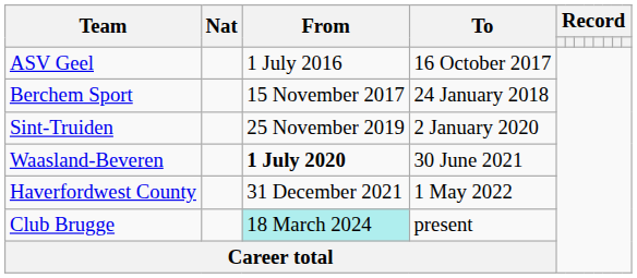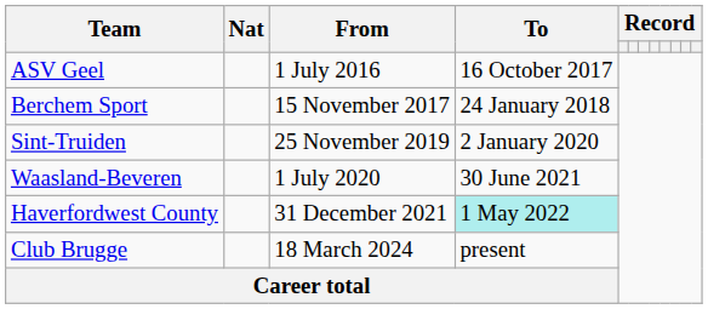 <table class="wikitable" style="text-align: center">
 <tr>
 <th rowspan=2>Team</th>
 <th rowspan=2>Nat</th>
 <th rowspan=2>From</th>
 <th rowspan=2>To</th>
 <th colspan="8">Record</th>
 </tr>
 <tr>
 <th></th>
 <th></th>
 <th></th>
 <th></th>
 <th></th>
 <th></th>
 <th></th>
 <th></th>
 </tr>
 <tr>
 <td align=left><a href='#'>ASV Geel</a></td>
 <td></td>
 <td align=left>1 July 2016</td>
 <td align=left>16 October 2017<br></td>
 </tr>
 <tr>
 <td align=left><a href='#'>Berchem Sport</a></td>
 <td></td>
 <td align=left>15 November 2017</td>
 <td align=left>24 January 2018<br></td>
 </tr>
 <tr>
 <td align=left><a href='#'>Sint-Truiden</a></td>
 <td></td>
 <td align=left>25 November 2019</td>
 <td align=left>2 January 2020<br></td>
 </tr>
 <tr>
 <td align=left><a href='#'>Waasland-Beveren</a></td>
 <td></td>
-<td align=left><strong>1 July 2020</strong></td>
+<td align=left>1 July 2020</td>
 <td align=left>30 June 2021<br></td>
 </tr>
 <tr>
 <td align=left><a href='#'>Haverfordwest County</a></td>
 <td></td>
 <td align=left>31 December 2021</td>
-<td align=left>1 May 2022<br></td>
+<td align=left style="background: paleturquoise;">1 May 2022<br></td>
 </tr>
 <tr>
 <td align=left><a href='#'>Club Brugge</a></td>
 <td></td>
-<td align=left style="background: paleturquoise;">18 March 2024</td>
+<td align=left>18 March 2024</td>
 <td align=left>present<br></td>
 </tr>
 <tr>
 <th colspan=4>Career total<br></th>
 </tr>
 </table>
